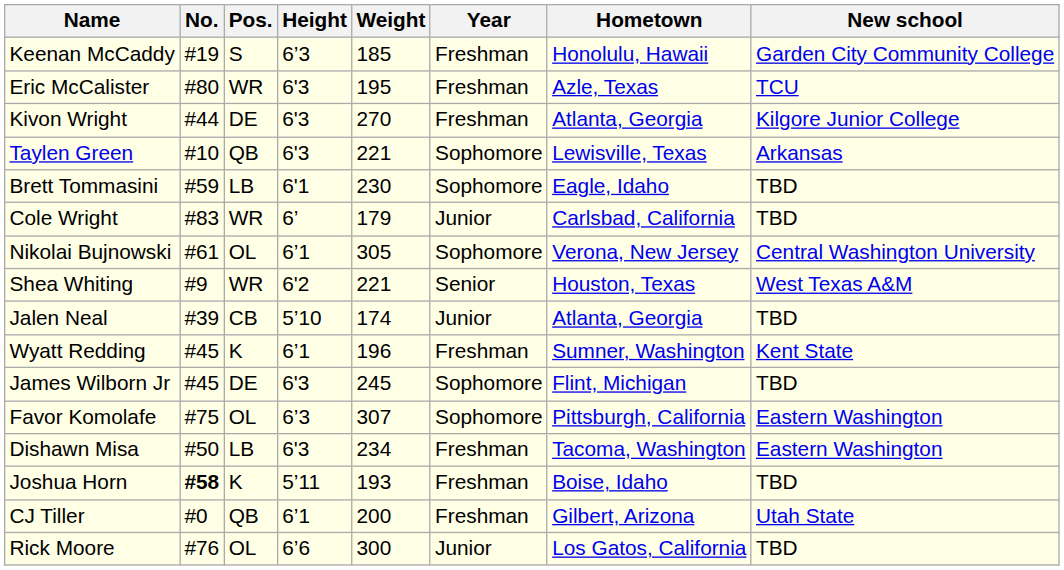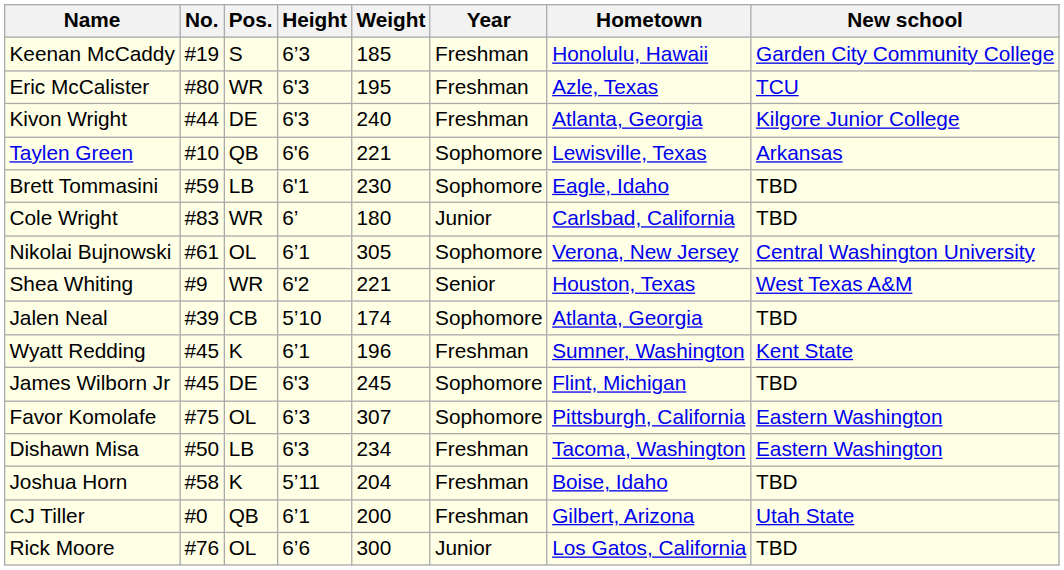 <table class="wikitable sortable mw-collapsible mw-collapsed">
 <tr>
 <th>Name</th>
 <th>No.</th>
 <th>Pos.</th>
 <th>Height</th>
 <th>Weight</th>
 <th>Year</th>
 <th>Hometown</th>
 <th class="unsortable">New school</th>
 </tr>
 <tr style="background:#FFFFE6;">
 <td>Keenan McCaddy</td>
 <td>#19</td>
 <td>S</td>
 <td>6’3</td>
 <td>185</td>
 <td>Freshman</td>
 <td><a href='#'>Honolulu, Hawaii</a></td>
 <td><a href='#'>Garden City Community College</a></td>
 </tr>
 <tr style="background:#FFFFE6;">
 <td>Eric McCalister</td>
 <td>#80</td>
 <td>WR</td>
 <td>6'3</td>
 <td>195</td>
 <td> Freshman</td>
 <td><a href='#'>Azle, Texas</a></td>
 <td><a href='#'>TCU</a></td>
 </tr>
 <tr style="background:#FFFFE6;">
 <td>Kivon Wright</td>
 <td>#44</td>
 <td>DE</td>
 <td>6'3</td>
-<td>270</td>
+<td>240</td>
 <td> Freshman</td>
 <td><a href='#'>Atlanta, Georgia</a></td>
 <td><a href='#'>Kilgore Junior College</a></td>
 </tr>
 <tr style="background:#FFFFE6;">
 <td><a href='#'>Taylen Green</a></td>
 <td>#10</td>
 <td>QB</td>
-<td>6'3</td>
+<td>6'6</td>
 <td>221</td>
 <td> Sophomore</td>
 <td><a href='#'>Lewisville, Texas</a></td>
 <td><a href='#'>Arkansas</a></td>
 </tr>
 <tr style="background:#FFFFE6;">
 <td>Brett Tommasini</td>
 <td>#59</td>
 <td>LB</td>
 <td>6'1</td>
 <td>230</td>
 <td> Sophomore</td>
 <td><a href='#'>Eagle, Idaho</a></td>
 <td>TBD</td>
 </tr>
 <tr style="background:#FFFFE6;">
 <td>Cole Wright</td>
 <td>#83</td>
 <td>WR</td>
 <td>6’</td>
-<td>179</td>
+<td>180</td>
 <td> Junior</td>
 <td><a href='#'>Carlsbad, California</a></td>
 <td>TBD</td>
 </tr>
 <tr style="background:#FFFFE6;">
 <td>Nikolai Bujnowski</td>
 <td>#61</td>
 <td>OL</td>
 <td>6’1</td>
 <td>305</td>
 <td> Sophomore</td>
 <td><a href='#'>Verona, New Jersey</a></td>
 <td><a href='#'>Central Washington University</a></td>
 </tr>
 <tr style="background:#FFFFE6;">
 <td>Shea Whiting</td>
 <td>#9</td>
 <td>WR</td>
 <td>6'2</td>
 <td>221</td>
 <td> Senior</td>
 <td><a href='#'>Houston, Texas</a></td>
 <td><a href='#'>West Texas A&M</a></td>
 </tr>
 <tr style="background:#FFFFE6;">
 <td>Jalen Neal</td>
 <td>#39</td>
 <td>CB</td>
 <td>5’10</td>
 <td>174</td>
-<td> Junior</td>
+<td> Sophomore</td>
 <td><a href='#'>Atlanta, Georgia</a></td>
 <td>TBD</td>
 </tr>
 <tr style="background:#FFFFE6;">
 <td>Wyatt Redding</td>
 <td>#45</td>
 <td>K</td>
 <td>6’1</td>
 <td>196</td>
 <td> Freshman</td>
 <td><a href='#'>Sumner, Washington</a></td>
 <td><a href='#'>Kent State</a></td>
 </tr>
 <tr style="background:#FFFFE6;">
 <td>James Wilborn Jr</td>
 <td>#45</td>
 <td>DE</td>
 <td>6'3</td>
 <td>245</td>
 <td>Sophomore</td>
 <td><a href='#'>Flint, Michigan</a></td>
 <td>TBD</td>
 </tr>
 <tr style="background:#FFFFE6;">
 <td>Favor Komolafe</td>
 <td>#75</td>
 <td>OL</td>
 <td>6’3</td>
 <td>307</td>
 <td>Sophomore</td>
 <td><a href='#'>Pittsburgh, California</a></td>
 <td><a href='#'>Eastern Washington</a></td>
 </tr>
 <tr style="background:#FFFFE6;">
 <td>Dishawn Misa</td>
 <td>#50</td>
 <td>LB</td>
 <td>6'3</td>
 <td>234</td>
 <td> Freshman</td>
 <td><a href='#'>Tacoma, Washington</a></td>
 <td><a href='#'>Eastern Washington</a></td>
 </tr>
 <tr style="background:#FFFFE6;">
 <td>Joshua Horn</td>
-<td><strong>#58</strong></td>
+<td>#58</td>
 <td>K</td>
 <td>5’11</td>
-<td>193</td>
+<td>204</td>
 <td>Freshman</td>
 <td><a href='#'>Boise, Idaho</a></td>
 <td>TBD</td>
 </tr>
 <tr style="background:#FFFFE6;">
 <td>CJ Tiller</td>
 <td>#0</td>
 <td>QB</td>
 <td>6’1</td>
 <td>200</td>
 <td>Freshman</td>
 <td><a href='#'>Gilbert, Arizona</a></td>
 <td><a href='#'>Utah State</a></td>
 </tr>
 <tr style="background:#FFFFE6;">
 <td>Rick Moore</td>
 <td>#76</td>
 <td>OL</td>
 <td>6’6</td>
 <td>300</td>
 <td> Junior</td>
 <td><a href='#'>Los Gatos, California</a></td>
 <td>TBD</td>
 </tr>
 </table>
